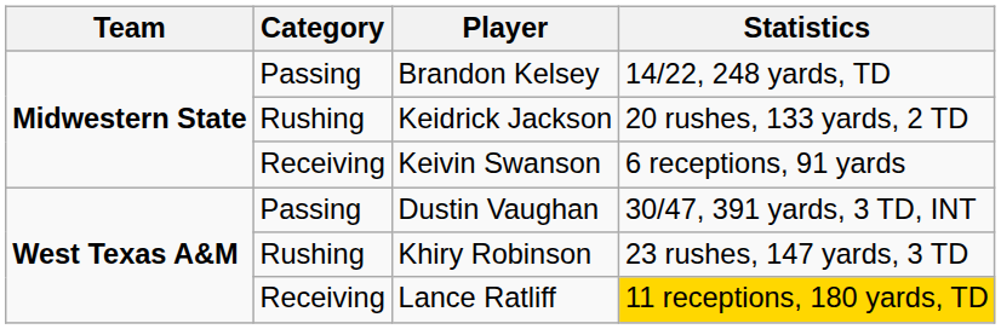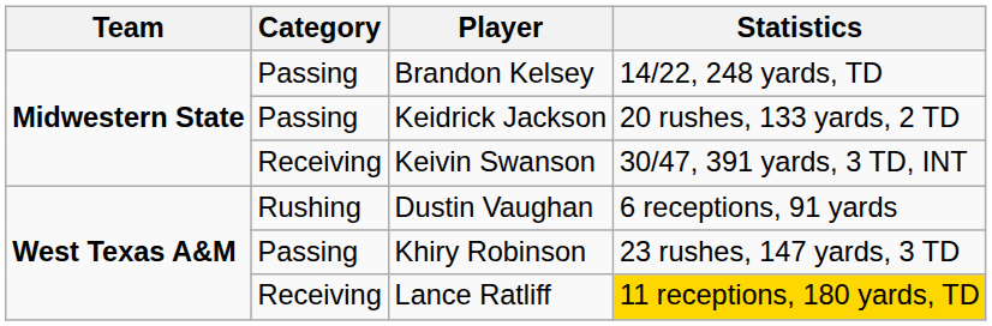 <table class="wikitable" style="float: left;">
 <tr>
 <th>Team</th>
 <th>Category</th>
 <th>Player</th>
 <th>Statistics</th>
 </tr>
 <tr>
 <td rowspan=3><strong>Midwestern State</strong></td>
 <td>Passing</td>
 <td>Brandon Kelsey</td>
 <td>14/22, 248 yards, TD</td>
 </tr>
 <tr>
-<td>Rushing</td>
+<td>Passing</td>
 <td>Keidrick Jackson</td>
 <td>20 rushes, 133 yards, 2 TD</td>
 </tr>
 <tr>
 <td>Receiving</td>
 <td>Keivin Swanson</td>
+<td>30/47, 391 yards, 3 TD, INT</td>
+</tr>
+<tr>
+<td rowspan=3><strong>West Texas A&M</strong></td>
+<td>Rushing</td>
+<td>Dustin Vaughan</td>
 <td>6 receptions, 91 yards</td>
 </tr>
 <tr>
-<td rowspan=3><strong>West Texas A&M</strong></td>
 <td>Passing</td>
-<td>Dustin Vaughan</td>
-<td>30/47, 391 yards, 3 TD, INT</td>
-</tr>
-<tr>
-<td>Rushing</td>
 <td>Khiry Robinson</td>
 <td>23 rushes, 147 yards, 3 TD</td>
 </tr>
 <tr>
 <td>Receiving</td>
 <td>Lance Ratliff</td>
 <td style="background: gold;">11 receptions, 180 yards, TD</td>
 </tr>
 </table>
